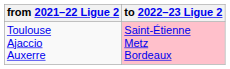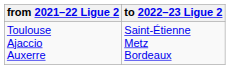 <table class="wikitable">
 <tr>
 <th> from <a href='#'>2021–22 Ligue 2</a></th>
 <th> to <a href='#'>2022–23 Ligue 2</a></th>
 </tr>
 <tr>
 <td><a href='#'>Toulouse</a><br><a href='#'>Ajaccio</a><br><a href='#'>Auxerre</a></td>
-<td style="background: pink;"><a href='#'>Saint-Étienne</a><br><a href='#'>Metz</a><br><a href='#'>Bordeaux</a></td>
+<td><a href='#'>Saint-Étienne</a><br><a href='#'>Metz</a><br><a href='#'>Bordeaux</a></td>
 </tr>
 </table>
